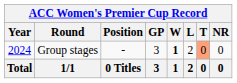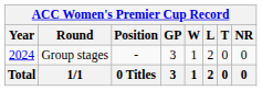 <table class="wikitable" style="text-align: center; width=900px;">
 <tr>
 <th colspan="8"><a href='#'>ACC Women's Premier Cup Record</a></th>
 </tr>
 <tr>
 <th>Year</th>
 <th>Round</th>
 <th>Position</th>
 <th>GP</th>
 <th>W</th>
 <th>L</th>
 <th>T</th>
 <th>NR</th>
 </tr>
 <tr>
 <td><a href='#'>2024</a> </td>
 <td>Group stages</td>
 <td>-</td>
 <td>3</td>
-<td><strong>1</strong></td>
+<td>1</td>
 <td>2</td>
-<td style="background: lightsalmon;">0</td>
+<td>0</td>
 <td>0</td>
 </tr>
 <tr>
 <th>Total</th>
 <th>1/1</th>
 <th>0 Titles</th>
 <th>3</th>
 <th>1</th>
 <th>2</th>
 <th>0</th>
 <th>0</th>
 </tr>
 </table>
